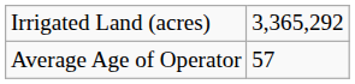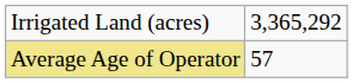 <table class="wikitable">
 <tr>
 <td>Irrigated  Land (acres)</td>
 <td>3,365,292</td>
 </tr>
 <tr>
-<td>Average  Age of Operator</td>
+<td style="background: khaki;">Average  Age of Operator</td>
 <td>57</td>
 </tr>
 </table>
